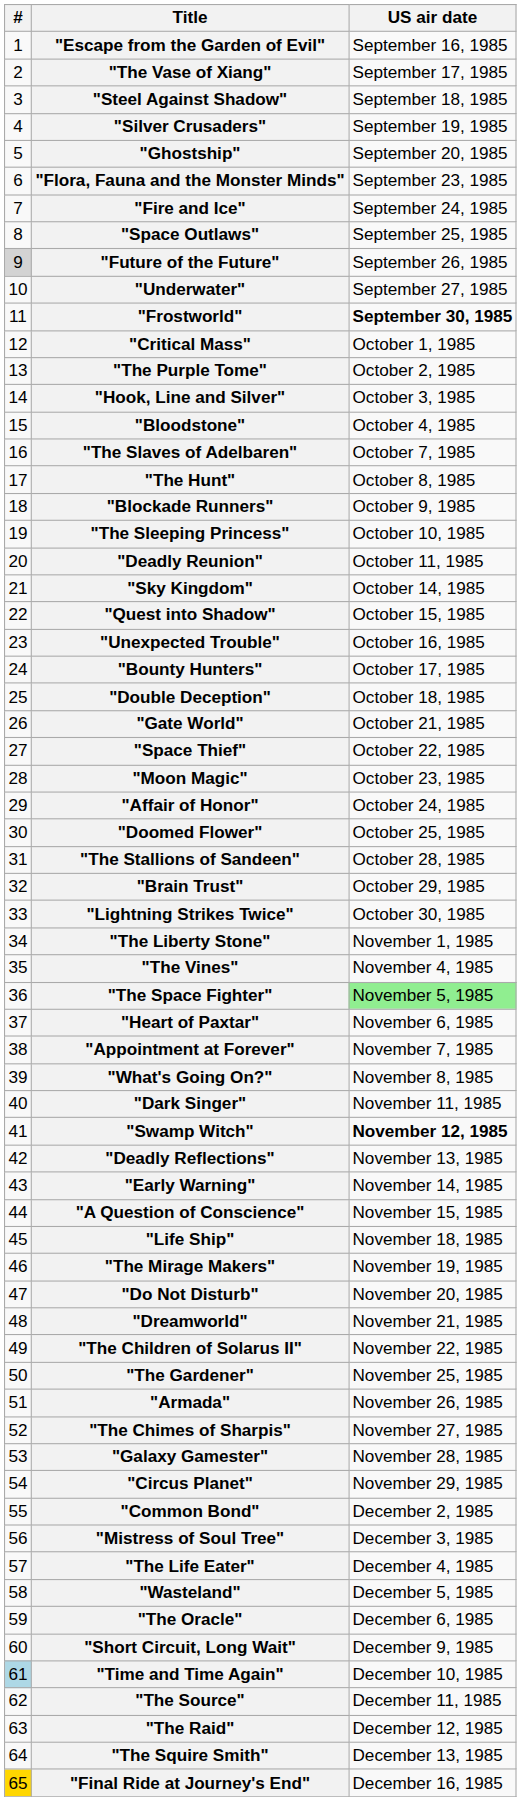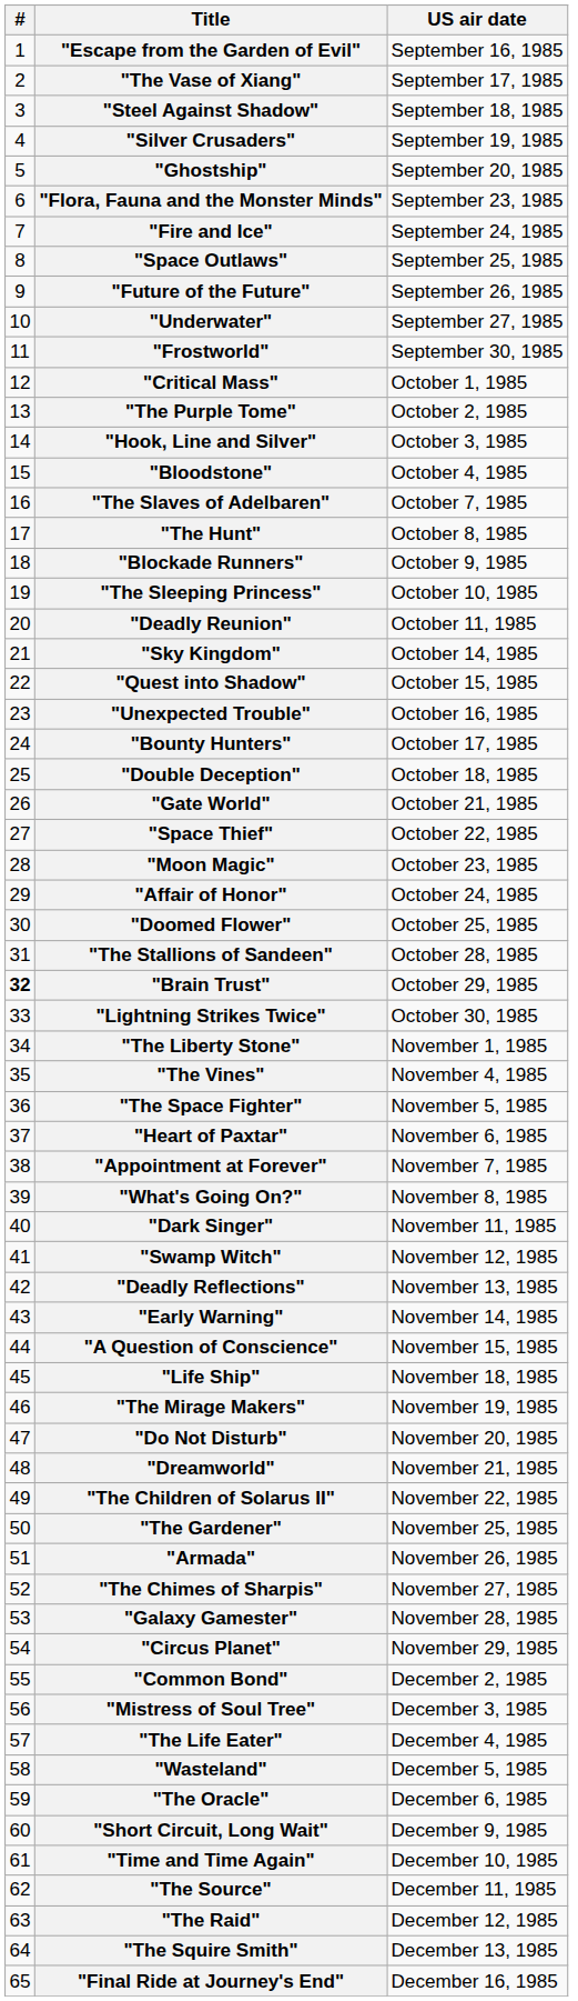 <table class="wikitable plainrowheaders">
 <tr>
 <th scope="col">#</th>
 <th scope="col">Title</th>
 <th scope="col">US air date</th>
 </tr>
 <tr>
 <td style="text-align:center;">1</td>
 <th scope="row">"Escape from the Garden of Evil"</th>
 <td>September 16, 1985</td>
 </tr>
 <tr>
 <td style="text-align:center;">2</td>
 <th scope="row">"The Vase of Xiang"</th>
 <td>September 17, 1985</td>
 </tr>
 <tr>
 <td style="text-align:center;">3</td>
 <th scope="row">"Steel Against Shadow"</th>
 <td>September 18, 1985</td>
 </tr>
 <tr>
 <td style="text-align:center;">4</td>
 <th scope="row">"Silver Crusaders"</th>
 <td>September 19, 1985</td>
 </tr>
 <tr>
 <td style="text-align:center;">5</td>
 <th scope="row">"Ghostship"</th>
 <td>September 20, 1985</td>
 </tr>
 <tr>
 <td style="text-align:center;">6</td>
 <th scope="row">"Flora, Fauna and the Monster Minds"</th>
 <td>September 23, 1985</td>
 </tr>
 <tr>
 <td style="text-align:center;">7</td>
 <th scope="row">"Fire and Ice"</th>
 <td>September 24, 1985</td>
 </tr>
 <tr>
 <td style="text-align:center;">8</td>
 <th scope="row">"Space Outlaws"</th>
 <td>September 25, 1985</td>
 </tr>
 <tr>
-<td style="background: lightgrey; text-align:center;">9</td>
+<td style="text-align:center;">9</td>
 <th scope="row">"Future of the Future"</th>
 <td>September 26, 1985</td>
 </tr>
 <tr>
 <td style="text-align:center;">10</td>
 <th scope="row">"Underwater"</th>
 <td>September 27, 1985</td>
 </tr>
 <tr>
 <td style="text-align:center;">11</td>
 <th scope="row">"Frostworld"</th>
-<td><strong>September 30, 1985</strong></td>
+<td>September 30, 1985</td>
 </tr>
 <tr>
 <td style="text-align:center;">12</td>
 <th scope="row">"Critical Mass"</th>
 <td>October 1, 1985</td>
 </tr>
 <tr>
 <td style="text-align:center;">13</td>
 <th scope="row">"The Purple Tome"</th>
 <td>October 2, 1985</td>
 </tr>
 <tr>
 <td style="text-align:center;">14</td>
 <th scope="row">"Hook, Line and Silver"</th>
 <td>October 3, 1985</td>
 </tr>
 <tr>
 <td style="text-align:center;">15</td>
 <th scope="row">"Bloodstone"</th>
 <td>October 4, 1985</td>
 </tr>
 <tr>
 <td style="text-align:center;">16</td>
 <th scope="row">"The Slaves of Adelbaren"</th>
 <td>October 7, 1985</td>
 </tr>
 <tr>
 <td style="text-align:center;">17</td>
 <th scope="row">"The Hunt"</th>
 <td>October 8, 1985</td>
 </tr>
 <tr>
 <td style="text-align:center;">18</td>
 <th scope="row">"Blockade Runners"</th>
 <td>October 9, 1985</td>
 </tr>
 <tr>
 <td style="text-align:center;">19</td>
 <th scope="row">"The Sleeping Princess"</th>
 <td>October 10, 1985</td>
 </tr>
 <tr>
 <td style="text-align:center;">20</td>
 <th scope="row">"Deadly Reunion"</th>
 <td>October 11, 1985</td>
 </tr>
 <tr>
 <td style="text-align:center;">21</td>
 <th scope="row">"Sky Kingdom"</th>
 <td>October 14, 1985</td>
 </tr>
 <tr>
 <td style="text-align:center;">22</td>
 <th scope="row">"Quest into Shadow"</th>
 <td>October 15, 1985</td>
 </tr>
 <tr>
 <td style="text-align:center;">23</td>
 <th scope="row">"Unexpected Trouble"</th>
 <td>October 16, 1985</td>
 </tr>
 <tr>
 <td style="text-align:center;">24</td>
 <th scope="row">"Bounty Hunters"</th>
 <td>October 17, 1985</td>
 </tr>
 <tr>
 <td style="text-align:center;">25</td>
 <th scope="row">"Double Deception"</th>
 <td>October 18, 1985</td>
 </tr>
 <tr>
 <td style="text-align:center;">26</td>
 <th scope="row">"Gate World"</th>
 <td>October 21, 1985</td>
 </tr>
 <tr>
 <td style="text-align:center;">27</td>
 <th scope="row">"Space Thief"</th>
 <td>October 22, 1985</td>
 </tr>
 <tr>
 <td style="text-align:center;">28</td>
 <th scope="row">"Moon Magic"</th>
 <td>October 23, 1985</td>
 </tr>
 <tr>
 <td style="text-align:center;">29</td>
 <th scope="row">"Affair of Honor"</th>
 <td>October 24, 1985</td>
 </tr>
 <tr>
 <td style="text-align:center;">30</td>
 <th scope="row">"Doomed Flower"</th>
 <td>October 25, 1985</td>
 </tr>
 <tr>
 <td style="text-align:center;">31</td>
 <th scope="row">"The Stallions of Sandeen"</th>
 <td>October 28, 1985</td>
 </tr>
 <tr>
-<td style="text-align:center;">32</td>
+<td style="text-align:center;"><strong>32</strong></td>
 <th scope="row">"Brain Trust"</th>
 <td>October 29, 1985</td>
 </tr>
 <tr>
 <td style="text-align:center;">33</td>
 <th scope="row">"Lightning Strikes Twice"</th>
 <td>October 30, 1985</td>
 </tr>
 <tr>
 <td style="text-align:center;">34</td>
 <th scope="row">"The Liberty Stone"</th>
 <td>November 1, 1985</td>
 </tr>
 <tr>
 <td style="text-align:center;">35</td>
 <th scope="row">"The Vines"</th>
 <td>November 4, 1985</td>
 </tr>
 <tr>
 <td style="text-align:center;">36</td>
 <th scope="row">"The Space Fighter"</th>
-<td style="background: lightgreen;">November 5, 1985</td>
+<td>November 5, 1985</td>
 </tr>
 <tr>
 <td style="text-align:center;">37</td>
 <th scope="row">"Heart of Paxtar"</th>
 <td>November 6, 1985</td>
 </tr>
 <tr>
 <td style="text-align:center;">38</td>
 <th scope="row">"Appointment at Forever"</th>
 <td>November 7, 1985</td>
 </tr>
 <tr>
 <td style="text-align:center;">39</td>
 <th scope="row">"What's Going On?"</th>
 <td>November 8, 1985</td>
 </tr>
 <tr>
 <td style="text-align:center;">40</td>
 <th scope="row">"Dark Singer"</th>
 <td>November 11, 1985</td>
 </tr>
 <tr>
 <td style="text-align:center;">41</td>
 <th scope="row">"Swamp Witch"</th>
-<td><strong>November 12, 1985</strong></td>
+<td>November 12, 1985</td>
 </tr>
 <tr>
 <td style="text-align:center;">42</td>
 <th scope="row">"Deadly Reflections"</th>
 <td>November 13, 1985</td>
 </tr>
 <tr>
 <td style="text-align:center;">43</td>
 <th scope="row">"Early Warning"</th>
 <td>November 14, 1985</td>
 </tr>
 <tr>
 <td style="text-align:center;">44</td>
 <th scope="row">"A Question of Conscience"</th>
 <td>November 15, 1985</td>
 </tr>
 <tr>
 <td style="text-align:center;">45</td>
 <th scope="row">"Life Ship"</th>
 <td>November 18, 1985</td>
 </tr>
 <tr>
 <td style="text-align:center;">46</td>
 <th scope="row">"The Mirage Makers"</th>
 <td>November 19, 1985</td>
 </tr>
 <tr>
 <td style="text-align:center;">47</td>
 <th scope="row">"Do Not Disturb"</th>
 <td>November 20, 1985</td>
 </tr>
 <tr>
 <td style="text-align:center;">48</td>
 <th scope="row">"Dreamworld"</th>
 <td>November 21, 1985</td>
 </tr>
 <tr>
 <td style="text-align:center;">49</td>
 <th scope="row">"The Children of Solarus II"</th>
 <td>November 22, 1985</td>
 </tr>
 <tr>
 <td style="text-align:center;">50</td>
 <th scope="row">"The Gardener"</th>
 <td>November 25, 1985</td>
 </tr>
 <tr>
 <td style="text-align:center;">51</td>
 <th scope="row">"Armada"</th>
 <td>November 26, 1985</td>
 </tr>
 <tr>
 <td style="text-align:center;">52</td>
 <th scope="row">"The Chimes of Sharpis"</th>
 <td>November 27, 1985</td>
 </tr>
 <tr>
 <td style="text-align:center;">53</td>
 <th scope="row">"Galaxy Gamester"</th>
 <td>November 28, 1985</td>
 </tr>
 <tr>
 <td style="text-align:center;">54</td>
 <th scope="row">"Circus Planet"</th>
 <td>November 29, 1985</td>
 </tr>
 <tr>
 <td style="text-align:center;">55</td>
 <th scope="row">"Common Bond"</th>
 <td>December 2, 1985</td>
 </tr>
 <tr>
 <td style="text-align:center;">56</td>
 <th scope="row">"Mistress of Soul Tree"</th>
 <td>December 3, 1985</td>
 </tr>
 <tr>
 <td style="text-align:center;">57</td>
 <th scope="row">"The Life Eater"</th>
 <td>December 4, 1985</td>
 </tr>
 <tr>
 <td style="text-align:center;">58</td>
 <th scope="row">"Wasteland"</th>
 <td>December 5, 1985</td>
 </tr>
 <tr>
 <td style="text-align:center;">59</td>
 <th scope="row">"The Oracle"</th>
 <td>December 6, 1985</td>
 </tr>
 <tr>
 <td style="text-align:center;">60</td>
 <th scope="row">"Short Circuit, Long Wait"</th>
 <td>December 9, 1985</td>
 </tr>
 <tr>
-<td style="background: lightblue; text-align:center;">61</td>
+<td style="text-align:center;">61</td>
 <th scope="row">"Time and Time Again"</th>
 <td>December 10, 1985</td>
 </tr>
 <tr>
 <td style="text-align:center;">62</td>
 <th scope="row">"The Source"</th>
 <td>December 11, 1985</td>
 </tr>
 <tr>
 <td style="text-align:center;">63</td>
 <th scope="row">"The Raid"</th>
 <td>December 12, 1985</td>
 </tr>
 <tr>
 <td style="text-align:center;">64</td>
 <th scope="row">"The Squire Smith"</th>
 <td>December 13, 1985</td>
 </tr>
 <tr>
-<td style="background: gold; text-align:center;">65</td>
+<td style="text-align:center;">65</td>
 <th scope="row">"Final Ride at Journey's End"</th>
 <td>December 16, 1985</td>
 </tr>
 </table>
